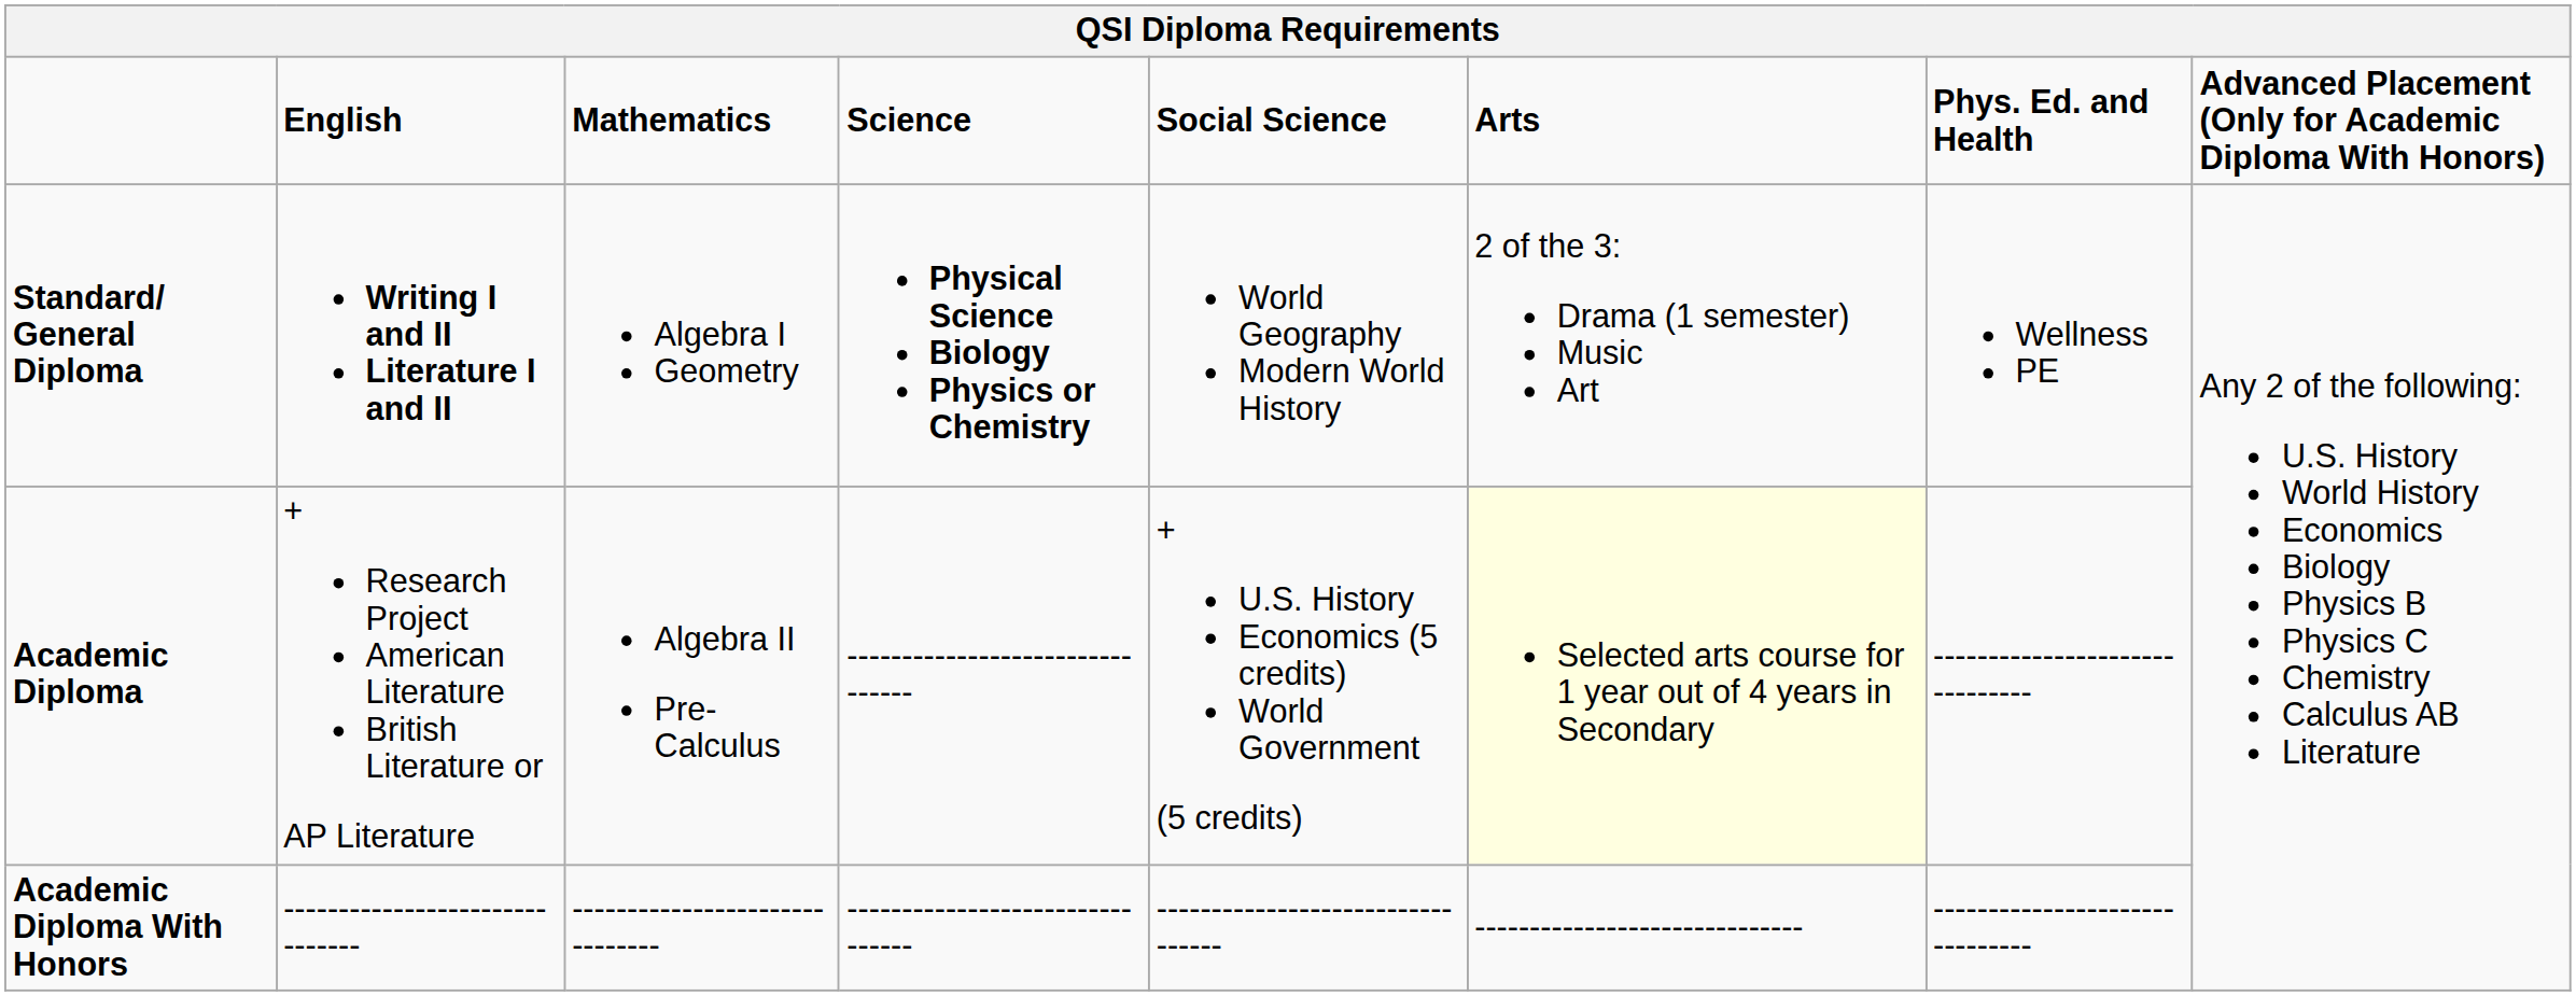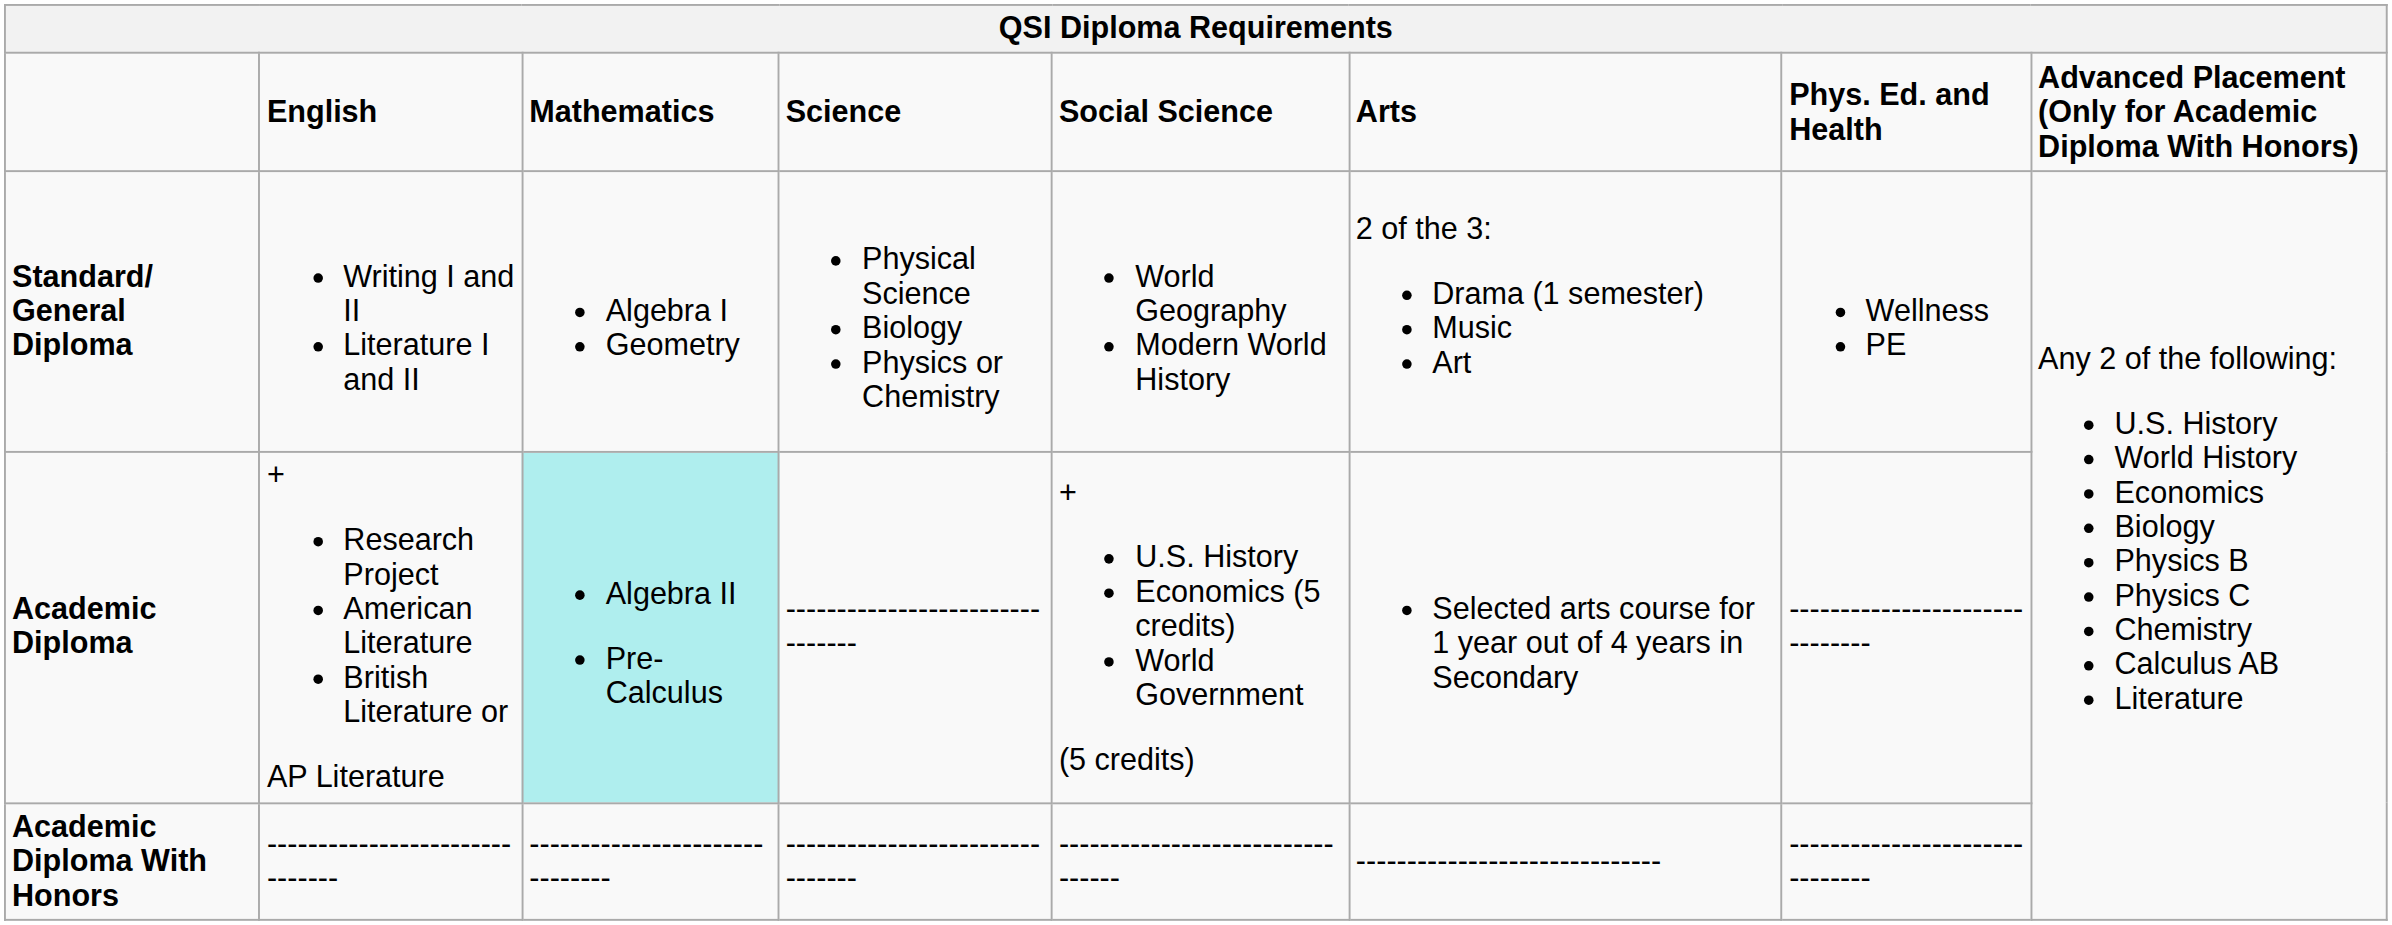 <table class="wikitable">
 <tr>
 <th colspan="8">QSI Diploma Requirements</th>
 </tr>
 <tr>
 <td></td>
 <td><strong>English</strong></td>
 <td><strong>Mathematics</strong></td>
 <td><strong>Science</strong></td>
 <td><strong>Social Science</strong></td>
 <td><strong>Arts</strong></td>
 <td><strong>Phys. Ed. and Health</strong></td>
 <td><strong>Advanced Placement</strong><br><strong>(Only for Academic Diploma</strong> <strong>With Honors)</strong></td>
 </tr>
 <tr>
 <td><strong>Standard/</strong><br><strong>General Diploma</strong></td>
-<td><strong><br><ul><li>Writing I and II</li><li>Literature I and II</li></ul></strong></td>
+<td><br><ul><li>Writing I and II</li><li>Literature I and II</li></ul></td>
 <td><br><ul><li>Algebra I</li><li>Geometry</li></ul></td>
-<td><strong><br><ul><li>Physical Science</li><li>Biology</li><li>Physics or Chemistry</li></ul></strong></td>
+<td><br><ul><li>Physical Science</li><li>Biology</li><li>Physics or Chemistry</li></ul></td>
 <td><br><ul><li>World Geography</li><li>Modern World History</li></ul></td>
 <td>2 of the 3:<br><ul><li>Drama (1 semester)</li><li>Music</li><li>Art</li></ul></td>
 <td><br><ul><li>Wellness</li><li>PE</li></ul></td>
 <td rowspan="3">Any 2 of the following:<br><ul><li>U.S. History</li><li>World History</li><li>Economics</li><li>Biology</li><li>Physics B</li><li>Physics C</li><li>Chemistry</li><li>Calculus AB</li><li>Literature</li></ul></td>
 </tr>
 <tr>
 <td><strong>Academic Diploma</strong></td>
 <td>+<br><ul><li>Research Project</li><li>American Literature</li><li>British Literature or</li></ul>AP Literature</td>
-<td><br><ul><li>Algebra II</li></ul><ul><li>Pre-Calculus</li></ul></td>
+<td style="background: paleturquoise;"><br><ul><li>Algebra II</li></ul><ul><li>Pre-Calculus</li></ul></td>
 <td>--------------------------------</td>
 <td>+<br><ul><li>U.S. History</li><li>Economics (5 credits)</li><li>World Government</li></ul>(5 credits)</td>
-<td style="background: lightyellow;"><br><ul><li>Selected arts course for 1 year out of 4 years in Secondary</li></ul></td>
+<td><br><ul><li>Selected arts course for 1 year out of 4 years in Secondary</li></ul></td>
 <td>-------------------------------</td>
 </tr>
 <tr>
 <td><strong>Academic Diploma</strong> <strong>With Honors</strong></td>
 <td>-------------------------------</td>
 <td>-------------------------------</td>
 <td>--------------------------------</td>
 <td>---------------------------------</td>
 <td>------------------------------</td>
 <td>-------------------------------</td>
 </tr>
 </table>
